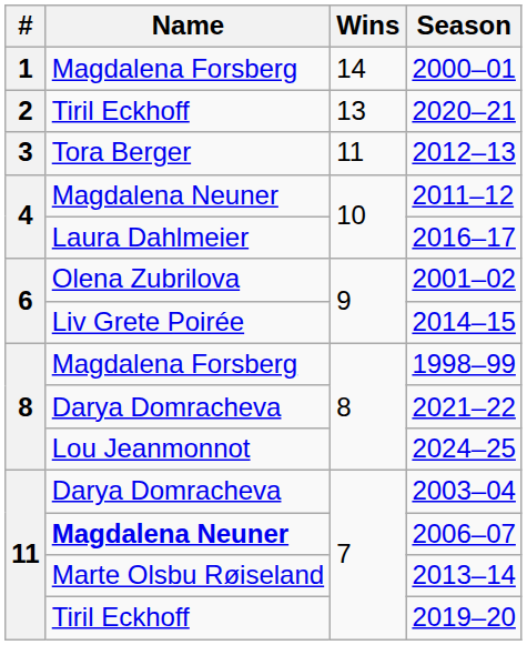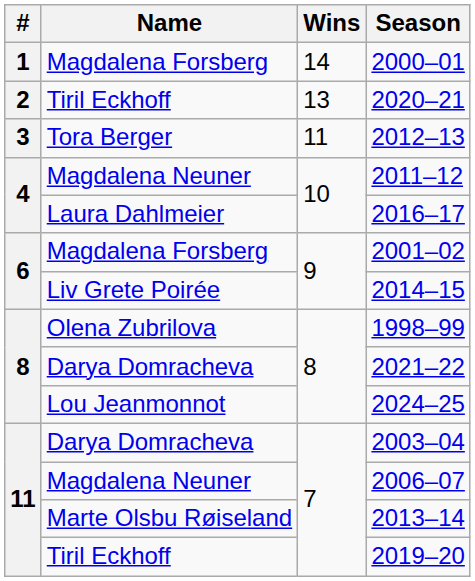 <table class="wikitable plainrowheaders" style="display:inline-table;">
 <tr>
 <th>#</th>
 <th>Name</th>
 <th>Wins</th>
 <th>Season</th>
 </tr>
 <tr>
 <th>1</th>
 <td style="text-align:left"> <a href='#'>Magdalena Forsberg</a></td>
 <td>14</td>
 <td><a href='#'>2000–01</a></td>
 </tr>
 <tr>
 <th>2</th>
 <td style="text-align:left"> <a href='#'>Tiril Eckhoff</a></td>
 <td>13</td>
 <td><a href='#'>2020–21</a></td>
 </tr>
 <tr>
 <th>3</th>
 <td style="text-align:left"> <a href='#'>Tora Berger</a></td>
 <td>11</td>
 <td><a href='#'>2012–13</a></td>
 </tr>
 <tr>
 <th rowspan=2>4</th>
 <td style="text-align:left"> <a href='#'>Magdalena Neuner</a></td>
 <td rowspan=2>10</td>
 <td><a href='#'>2011–12</a></td>
 </tr>
 <tr>
 <td style="text-align:left"> <a href='#'>Laura Dahlmeier</a></td>
 <td><a href='#'>2016–17</a></td>
 </tr>
 <tr>
 <th rowspan=2>6</th>
-<td style="text-align:left"> <a href='#'>Olena Zubrilova</a></td>
+<td style="text-align:left"> <a href='#'>Magdalena Forsberg</a></td>
 <td rowspan=2>9</td>
 <td><a href='#'>2001–02</a></td>
 </tr>
 <tr>
 <td style="text-align:left"> <a href='#'>Liv Grete Poirée</a></td>
 <td><a href='#'>2014–15</a></td>
 </tr>
 <tr>
 <th rowspan=3>8</th>
-<td style="text-align:left"> <a href='#'>Magdalena Forsberg</a></td>
+<td style="text-align:left"> <a href='#'>Olena Zubrilova</a></td>
 <td rowspan=3>8</td>
 <td><a href='#'>1998–99</a></td>
 </tr>
 <tr>
 <td style="text-align:left"> <a href='#'>Darya Domracheva</a></td>
 <td><a href='#'>2021–22</a></td>
 </tr>
 <tr>
 <td style="text-align:left"> <a href='#'>Lou Jeanmonnot</a></td>
 <td><a href='#'>2024–25</a></td>
 </tr>
 <tr>
 <th rowspan=4>11</th>
 <td style="text-align:left"> <a href='#'>Darya Domracheva</a></td>
 <td rowspan=4>7</td>
 <td><a href='#'>2003–04</a></td>
 </tr>
 <tr>
-<td style="text-align:left"><strong> <a href='#'>Magdalena Neuner</a></strong></td>
+<td style="text-align:left"> <a href='#'>Magdalena Neuner</a></td>
 <td><a href='#'>2006–07</a></td>
 </tr>
 <tr>
 <td style="text-align:left"> <a href='#'>Marte Olsbu Røiseland</a></td>
 <td><a href='#'>2013–14</a></td>
 </tr>
 <tr>
 <td style="text-align:left"> <a href='#'>Tiril Eckhoff</a></td>
 <td><a href='#'>2019–20</a></td>
 </tr>
 </table>
